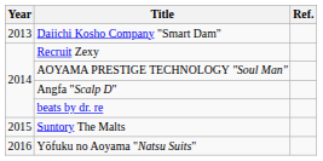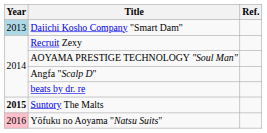 <table class="wikitable">
 <tr>
 <th>Year</th>
 <th>Title</th>
 <th>Ref.</th>
 </tr>
 <tr>
-<td>2013</td>
+<td style="background: lightblue;">2013</td>
 <td><a href='#'>Daiichi Kosho Company</a> "Smart Dam"</td>
 <td></td>
 </tr>
 <tr>
 <td rowspan="4">2014</td>
 <td><a href='#'>Recruit</a> Zexy</td>
 <td></td>
 </tr>
 <tr>
 <td>AOYAMA PRESTIGE TECHNOLOGY <em>"Soul Man"</em></td>
 <td></td>
 </tr>
 <tr>
 <td>Angfa "<em>Scalp D</em>"</td>
 <td></td>
 </tr>
 <tr>
 <td><a href='#'>beats by dr. re</a></td>
 <td></td>
 </tr>
 <tr>
-<td>2015</td>
+<td><strong>2015</strong></td>
 <td><a href='#'>Suntory</a> The Malts</td>
 <td></td>
 </tr>
 <tr>
-<td>2016</td>
+<td style="background: pink;">2016</td>
 <td>Yōfuku no Aoyama "<em>Natsu Suits</em>"</td>
 <td></td>
 </tr>
 </table>
